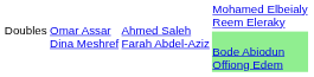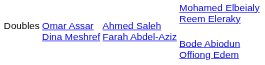 <table>
 <tr>
 <td rowspan=2>Doubles</td>
 <td rowspan=2><br><a href='#'>Omar Assar</a><br><a href='#'>Dina Meshref</a></td>
 <td rowspan=2><br><a href='#'>Ahmed Saleh</a><br><a href='#'>Farah Abdel-Aziz</a></td>
 <td><br><a href='#'>Mohamed Elbeialy</a><br><a href='#'>Reem Eleraky</a></td>
 </tr>
 <tr>
-<td style="background: lightgreen;"><br><a href='#'>Bode Abiodun</a><br><a href='#'>Offiong Edem</a></td>
+<td><br><a href='#'>Bode Abiodun</a><br><a href='#'>Offiong Edem</a></td>
 </tr>
 </table>
